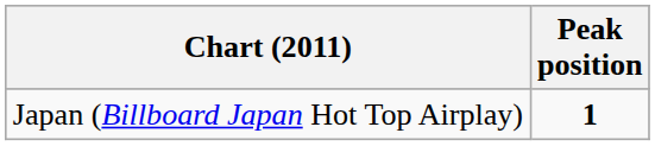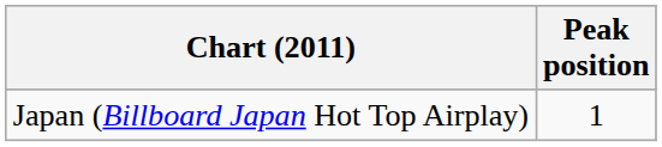 <table class="wikitable sortable" border="1">
 <tr>
 <th>Chart (2011)</th>
 <th>Peak<br>position</th>
 </tr>
 <tr>
 <td>Japan (<em><a href='#'>Billboard Japan</a></em> Hot Top Airplay)</td>
-<td style="text-align:center;"><strong>1</strong></td>
+<td style="text-align:center;">1</td>
 </tr>
 </table>
